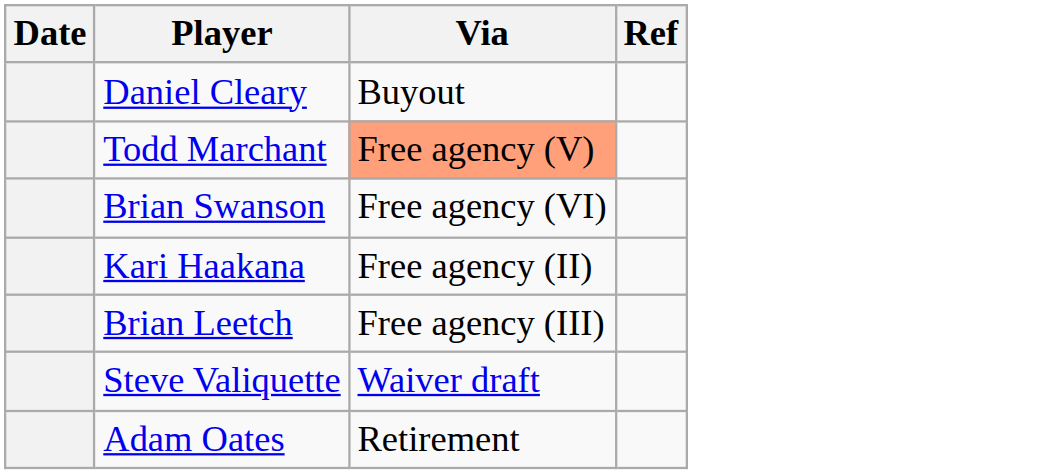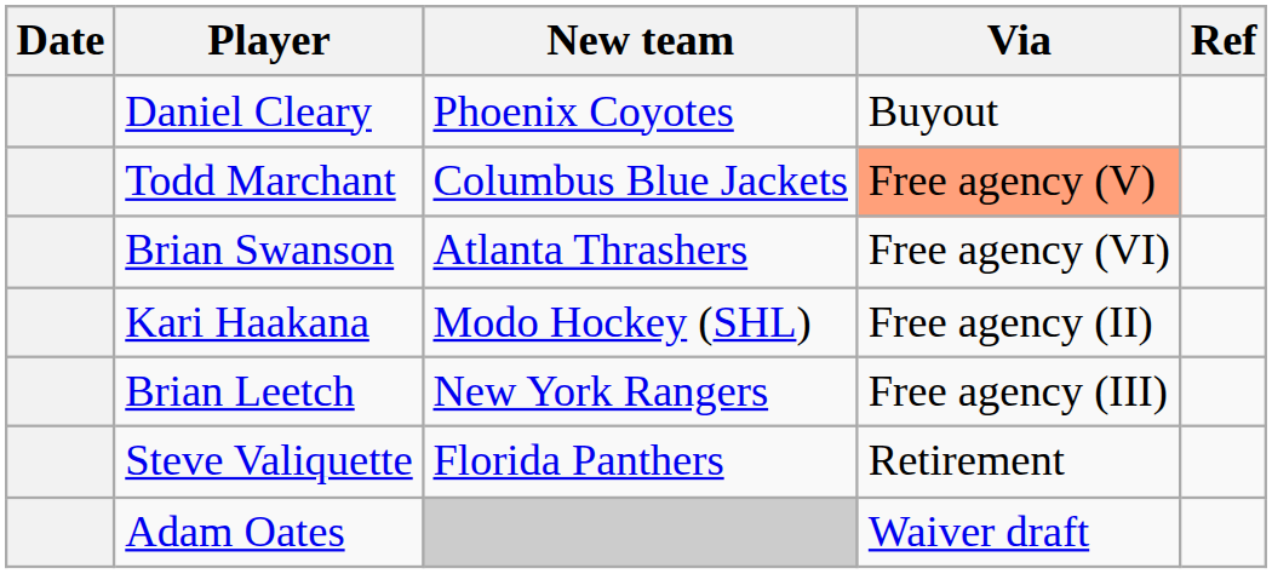 <table class="wikitable plainrowheaders">
 <tr style="background:#ddd; text-align:center;">
 <th>Date</th>
 <th>Player</th>
+<th>New team</th>
 <th>Via</th>
 <th>Ref</th>
 </tr>
 <tr>
 <th scope="row"></th>
 <td><a href='#'>Daniel Cleary</a></td>
+<td><a href='#'>Phoenix Coyotes</a></td>
 <td>Buyout</td>
 <td></td>
 </tr>
 <tr>
 <th scope="row"></th>
 <td><a href='#'>Todd Marchant</a></td>
+<td><a href='#'>Columbus Blue Jackets</a></td>
 <td style="background: lightsalmon;">Free agency (V)</td>
 <td></td>
 </tr>
 <tr>
 <th scope="row"></th>
 <td><a href='#'>Brian Swanson</a></td>
+<td><a href='#'>Atlanta Thrashers</a></td>
 <td>Free agency (VI)</td>
 <td></td>
 </tr>
 <tr>
 <th scope="row"></th>
 <td><a href='#'>Kari Haakana</a></td>
+<td><a href='#'>Modo Hockey</a> (<a href='#'>SHL</a>)</td>
 <td>Free agency (II)</td>
 <td></td>
 </tr>
 <tr>
 <th scope="row"></th>
 <td><a href='#'>Brian Leetch</a></td>
+<td><a href='#'>New York Rangers</a></td>
 <td>Free agency (III)</td>
 <td></td>
 </tr>
 <tr>
 <th scope="row"></th>
 <td><a href='#'>Steve Valiquette</a></td>
-<td><a href='#'>Waiver draft</a></td>
+<td><a href='#'>Florida Panthers</a></td>
+<td>Retirement</td>
 <td></td>
 </tr>
 <tr>
 <th scope="row"></th>
 <td><a href='#'>Adam Oates</a></td>
-<td>Retirement</td>
+<td style="background:#ccc"></td>
+<td><a href='#'>Waiver draft</a></td>
 <td></td>
 </tr>
 </table>
